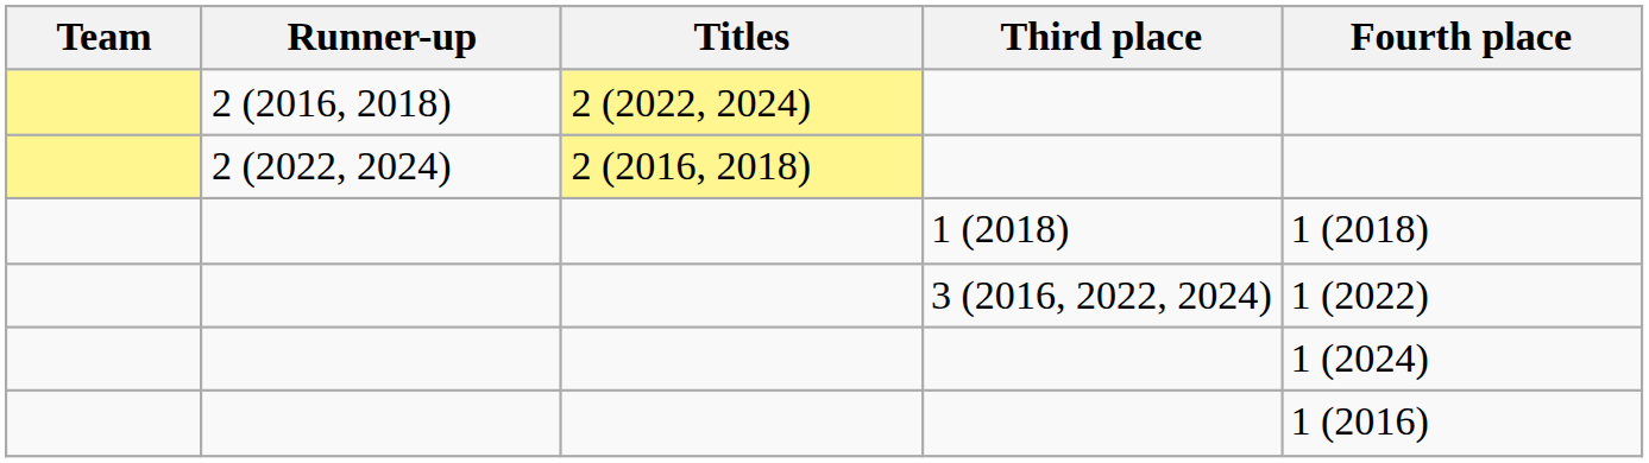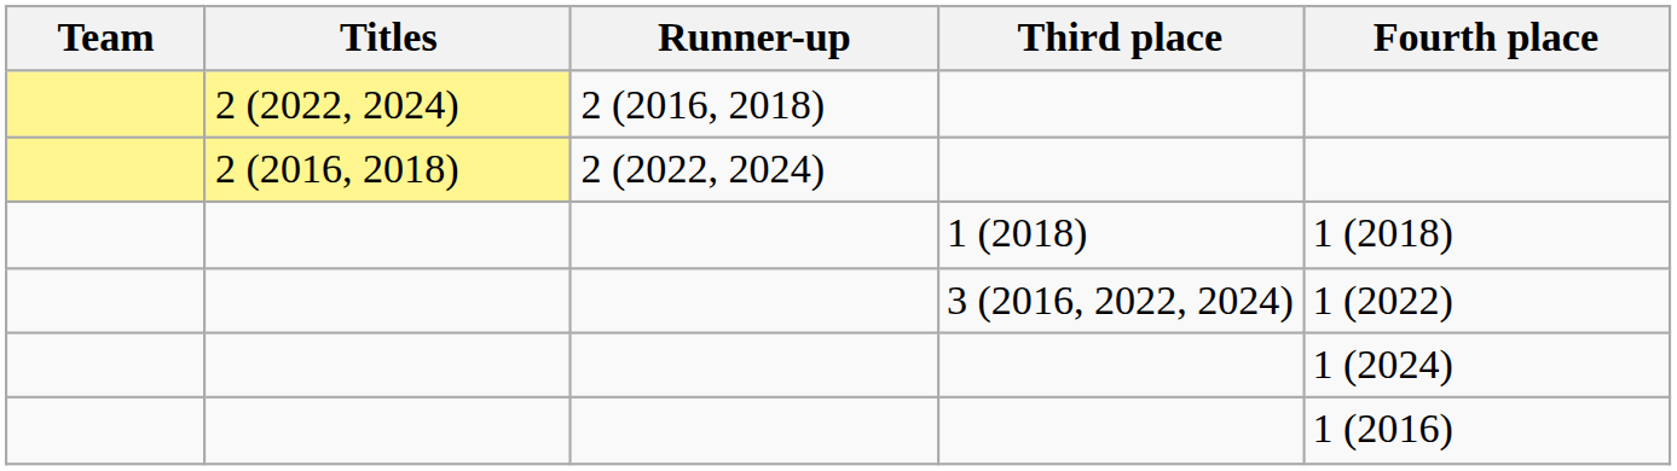 <table class="wikitable">
 <tr>
 <th width=12%>Team</th>
+<th width=22%>Titles</th>
 <th width=22%>Runner-up</th>
-<th width=22%>Titles</th>
 <th width=22%>Third place</th>
 <th width=22%>Fourth place</th>
 </tr>
 <tr>
 <td bgcolor=#FFF68F></td>
+<td bgcolor=#FFF68F>2 (2022, 2024)</td>
 <td>2 (2016, 2018)</td>
-<td bgcolor=#FFF68F>2 (2022, 2024)</td>
 <td></td>
 <td></td>
 </tr>
 <tr>
 <td bgcolor=#FFF68F></td>
+<td bgcolor=#FFF68F>2 (2016, 2018)</td>
 <td>2 (2022, 2024)</td>
-<td bgcolor=#FFF68F>2 (2016, 2018)</td>
 <td></td>
 <td></td>
 </tr>
 <tr>
 <td></td>
 <td></td>
 <td></td>
 <td>1 (2018)</td>
 <td>1 (2018)</td>
 </tr>
 <tr>
 <td></td>
 <td></td>
 <td></td>
 <td>3 (2016, 2022, 2024)</td>
 <td>1 (2022)</td>
 </tr>
 <tr>
 <td></td>
 <td></td>
 <td></td>
 <td></td>
 <td>1 (2024)</td>
 </tr>
 <tr>
 <td></td>
 <td></td>
 <td></td>
 <td></td>
 <td>1 (2016)</td>
 </tr>
 </table>
